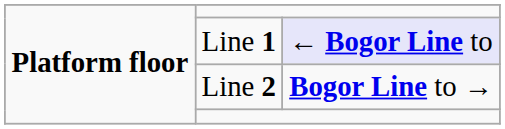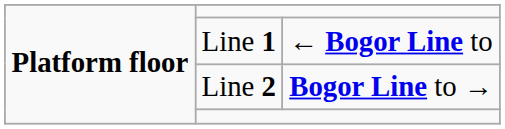 <table class="wikitable">
 <tr>
 <td rowspan="4"><strong>Platform floor</strong></td>
 <td colspan="2"></td>
 </tr>
 <tr>
 <td>Line <strong>1</strong></td>
-<td style="background: lavender;">←  <strong><a href='#'>Bogor Line</a></strong> to </td>
+<td>←  <strong><a href='#'>Bogor Line</a></strong> to </td>
 </tr>
 <tr>
 <td>Line <strong>2</strong></td>
 <td> <strong><a href='#'>Bogor Line</a></strong> to   →</td>
 </tr>
 <tr>
 <td colspan="2"></td>
 </tr>
 </table>
